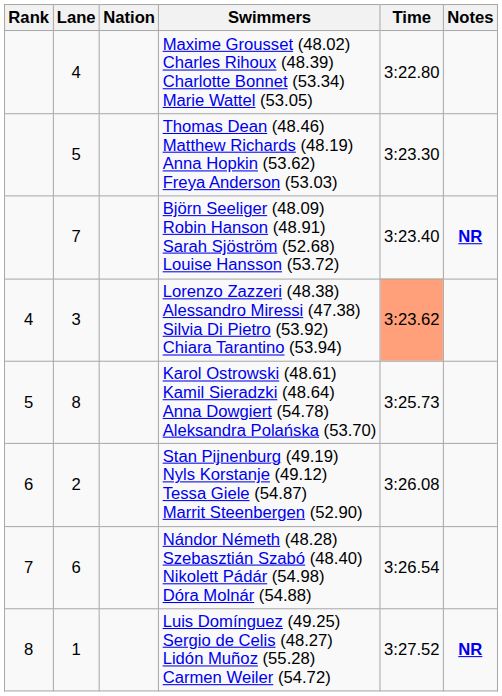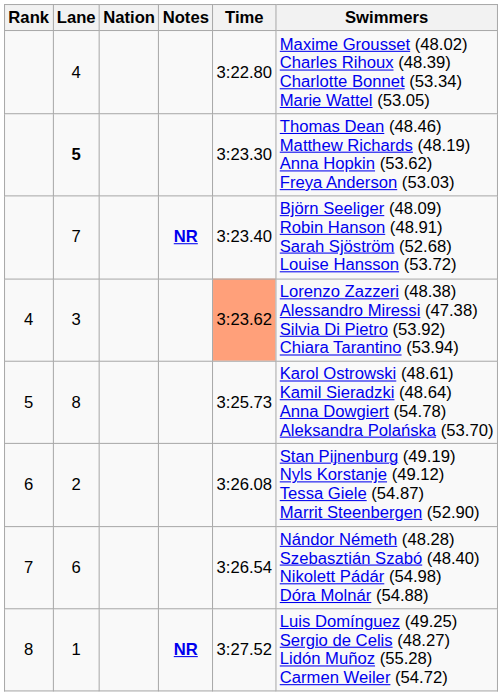 <table class="wikitable sortable" style="text-align:center">
 <tr>
 <th>Rank</th>
 <th>Lane</th>
 <th>Nation</th>
+<th>Notes</th>
+<th>Time</th>
 <th>Swimmers</th>
-<th>Time</th>
-<th>Notes</th>
 </tr>
 <tr>
 <td></td>
 <td>4</td>
 <td align=left></td>
+<td></td>
+<td>3:22.80</td>
 <td align=left><a href='#'>Maxime Grousset</a> (48.02)<br><a href='#'>Charles Rihoux</a> (48.39)<br><a href='#'>Charlotte Bonnet</a> (53.34)<br><a href='#'>Marie Wattel</a> (53.05)</td>
-<td>3:22.80</td>
-<td></td>
 </tr>
 <tr>
 <td></td>
-<td>5</td>
+<td><strong>5</strong></td>
 <td align=left></td>
+<td></td>
+<td>3:23.30</td>
 <td align=left><a href='#'>Thomas Dean</a> (48.46)<br><a href='#'>Matthew Richards</a> (48.19)<br><a href='#'>Anna Hopkin</a> (53.62)<br><a href='#'>Freya Anderson</a> (53.03)</td>
-<td>3:23.30</td>
-<td></td>
 </tr>
 <tr>
 <td></td>
 <td>7</td>
 <td align=left></td>
+<td><strong><a href='#'>NR</a></strong></td>
+<td>3:23.40</td>
 <td align=left><a href='#'>Björn Seeliger</a> (48.09)<br><a href='#'>Robin Hanson</a> (48.91)<br><a href='#'>Sarah Sjöström</a> (52.68)<br><a href='#'>Louise Hansson</a> (53.72)</td>
-<td>3:23.40</td>
-<td><strong><a href='#'>NR</a></strong></td>
 </tr>
 <tr>
 <td>4</td>
 <td>3</td>
 <td align=left></td>
+<td></td>
+<td style="background: lightsalmon;">3:23.62</td>
 <td align=left><a href='#'>Lorenzo Zazzeri</a> (48.38)<br><a href='#'>Alessandro Miressi</a> (47.38)<br><a href='#'>Silvia Di Pietro</a> (53.92)<br><a href='#'>Chiara Tarantino</a> (53.94)</td>
-<td style="background: lightsalmon;">3:23.62</td>
-<td></td>
 </tr>
 <tr>
 <td>5</td>
 <td>8</td>
 <td align=left></td>
+<td></td>
+<td>3:25.73</td>
 <td align=left><a href='#'>Karol Ostrowski</a> (48.61)<br><a href='#'>Kamil Sieradzki</a> (48.64)<br><a href='#'>Anna Dowgiert</a> (54.78)<br><a href='#'>Aleksandra Polańska</a> (53.70)</td>
-<td>3:25.73</td>
-<td></td>
 </tr>
 <tr>
 <td>6</td>
 <td>2</td>
 <td align=left></td>
+<td></td>
+<td>3:26.08</td>
 <td align=left><a href='#'>Stan Pijnenburg</a> (49.19)<br><a href='#'>Nyls Korstanje</a> (49.12)<br><a href='#'>Tessa Giele</a> (54.87)<br><a href='#'>Marrit Steenbergen</a> (52.90)</td>
-<td>3:26.08</td>
-<td></td>
 </tr>
 <tr>
 <td>7</td>
 <td>6</td>
 <td align=left></td>
+<td></td>
+<td>3:26.54</td>
 <td align=left><a href='#'>Nándor Németh</a> (48.28)<br><a href='#'>Szebasztián Szabó</a> (48.40)<br><a href='#'>Nikolett Pádár</a> (54.98)<br><a href='#'>Dóra Molnár</a> (54.88)</td>
-<td>3:26.54</td>
-<td></td>
 </tr>
 <tr>
 <td>8</td>
 <td>1</td>
 <td align=left></td>
+<td><strong><a href='#'>NR</a></strong></td>
+<td>3:27.52</td>
 <td align=left><a href='#'>Luis Domínguez</a> (49.25)<br><a href='#'>Sergio de Celis</a> (48.27)<br><a href='#'>Lidón Muñoz</a> (55.28)<br><a href='#'>Carmen Weiler</a> (54.72)</td>
-<td>3:27.52</td>
-<td><strong><a href='#'>NR</a></strong></td>
 </tr>
 </table>
